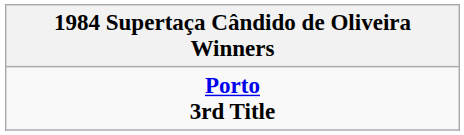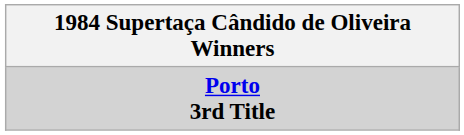 <table class="wikitable" style="text-align: center; margin: 0 auto; width: 20%">
 <tr>
 <th>1984 Supertaça Cândido de Oliveira Winners</th>
 </tr>
 <tr>
-<td><strong><a href='#'>Porto</a></strong><br><strong>3rd Title</strong></td>
+<td style="background: lightgrey;"><strong><a href='#'>Porto</a></strong><br><strong>3rd Title</strong></td>
 </tr>
 </table>
